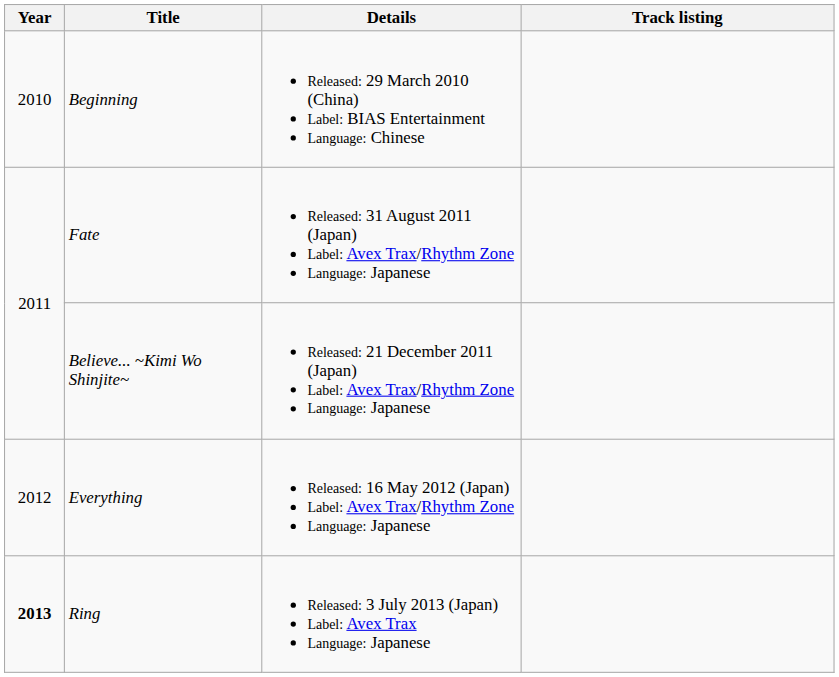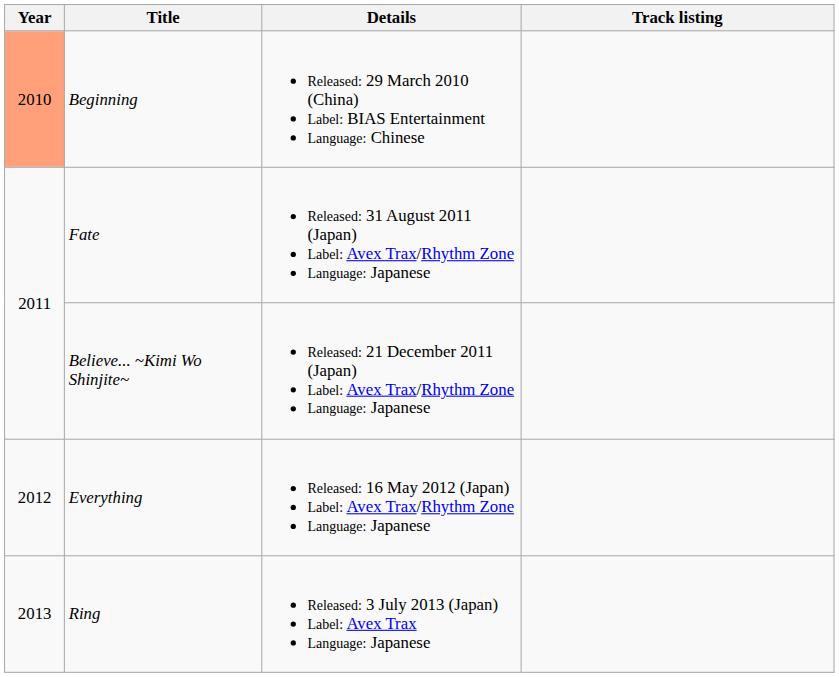 <table class="wikitable">
 <tr>
 <th width="50px">Year</th>
 <th width="180px">Title</th>
 <th width="240px">Details</th>
 <th width="290px">Track listing</th>
 </tr>
 <tr>
-<td style="text-align:center">2010</td>
+<td style="background: lightsalmon; text-align:center">2010</td>
 <td><em>Beginning</em></td>
 <td><br><ul><li><small>Released:</small> 29 March 2010 (China)</li><li><small>Label:</small> BIAS Entertainment</li><li><small>Language:</small> Chinese</li></ul></td>
 <td style="font-size: 85%;"></td>
 </tr>
 <tr>
 <td rowspan=2 style="text-align:center">2011</td>
 <td><em>Fate</em></td>
 <td><br><ul><li><small>Released:</small> 31 August 2011 (Japan)</li><li><small>Label:</small> <a href='#'>Avex Trax</a>/<a href='#'>Rhythm Zone</a></li><li><small>Language:</small> Japanese</li></ul></td>
 <td style="font-size: 85%;"></td>
 </tr>
 <tr>
 <td><em>Believe... ~Kimi Wo Shinjite~</em></td>
 <td><br><ul><li><small>Released:</small> 21 December 2011 (Japan)</li><li><small>Label:</small> <a href='#'>Avex Trax</a>/<a href='#'>Rhythm Zone</a></li><li><small>Language:</small> Japanese</li></ul></td>
 <td style="font-size: 85%;"></td>
 </tr>
 <tr>
 <td style="text-align:center">2012</td>
 <td><em>Everything</em></td>
 <td><br><ul><li><small>Released:</small> 16 May 2012 (Japan)</li><li><small>Label:</small> <a href='#'>Avex Trax</a>/<a href='#'>Rhythm Zone</a></li><li><small>Language:</small> Japanese</li></ul></td>
 <td style="font-size: 85%;"></td>
 </tr>
 <tr>
-<td style="text-align:center"><strong>2013</strong></td>
+<td style="text-align:center">2013</td>
 <td><em>Ring</em></td>
 <td><br><ul><li><small>Released:</small> 3 July 2013 (Japan)</li><li><small>Label:</small> <a href='#'>Avex Trax</a></li><li><small>Language:</small> Japanese</li></ul></td>
 <td style="font-size: 85%;"></td>
 </tr>
 </table>
